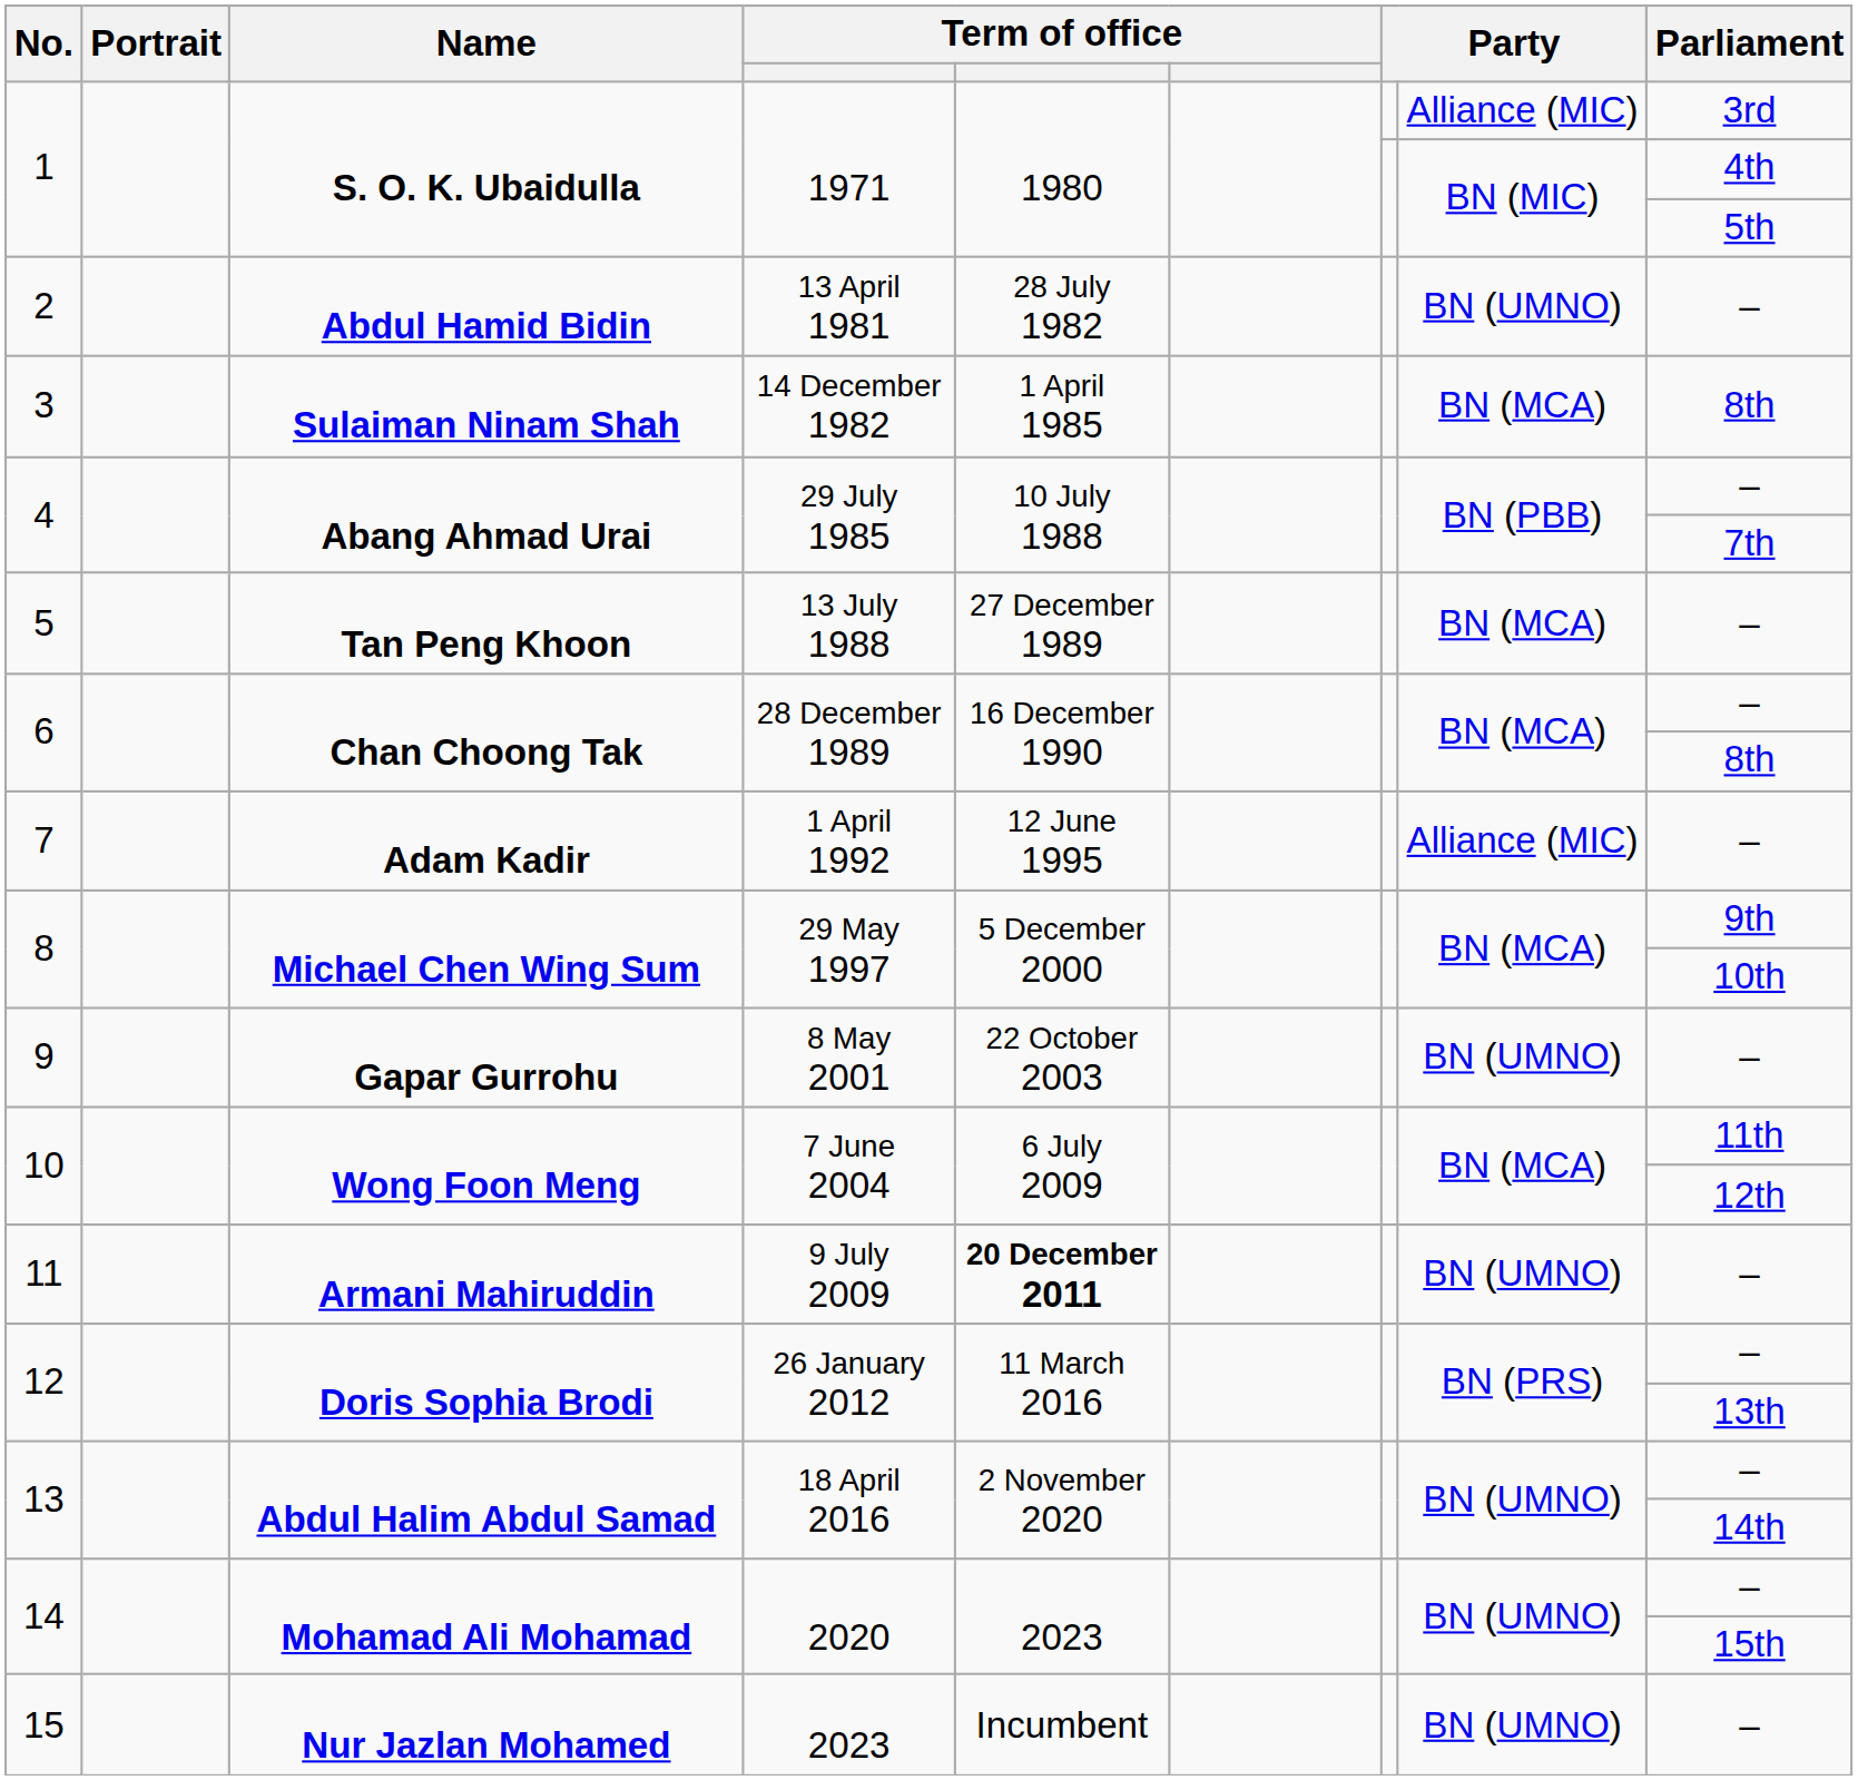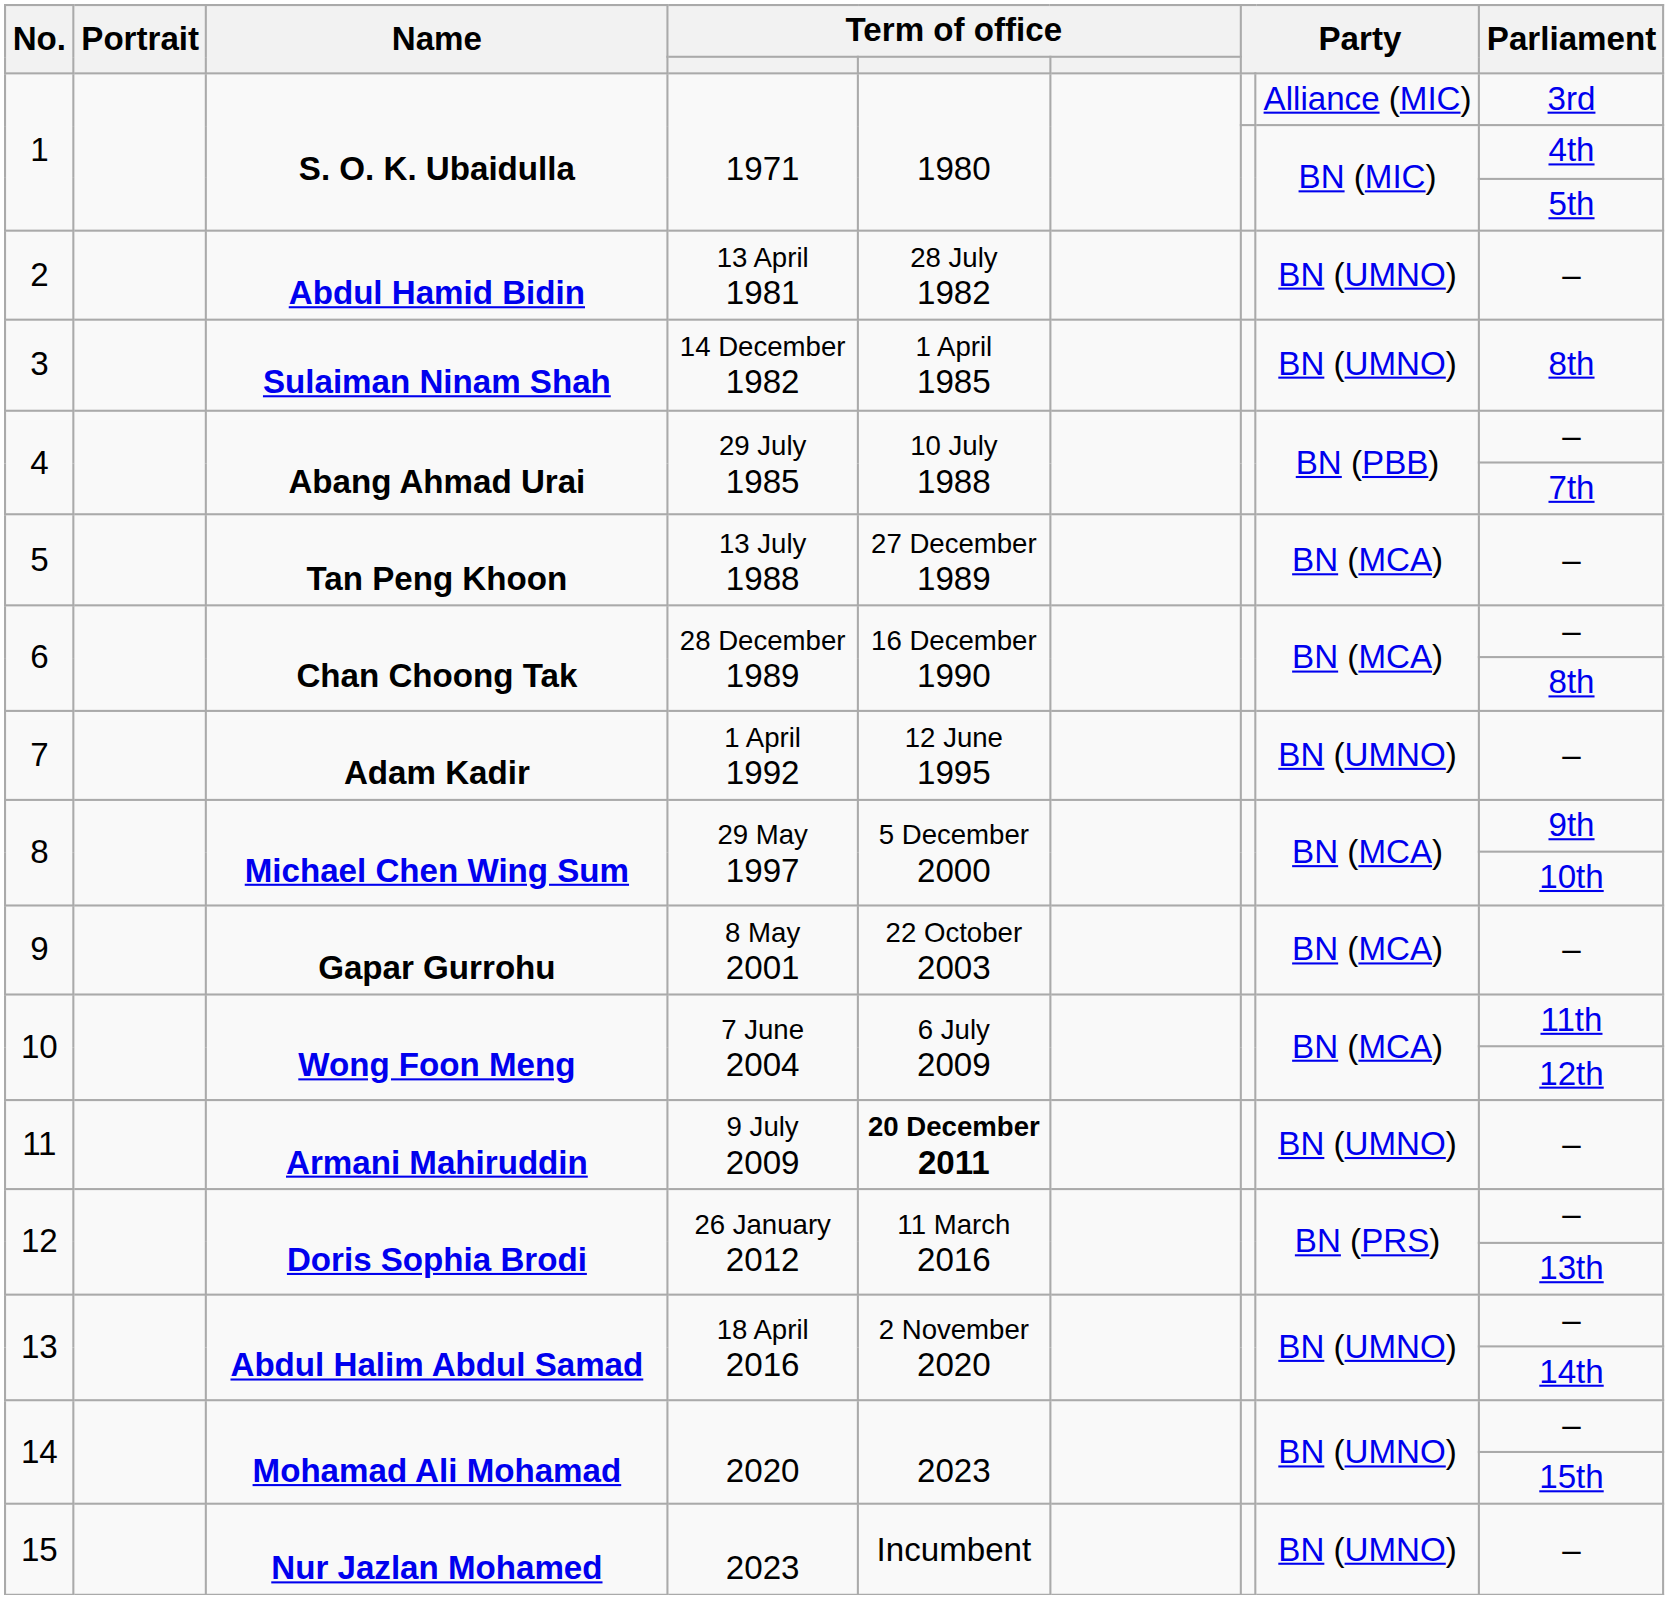 <table class="wikitable" style="text-align:center; border:1px #aaf solid;">
 <tr>
 <th rowspan="2">No.</th>
 <th rowspan="2">Portrait</th>
 <th rowspan="2" width="215">Name<br></th>
 <th colspan="3">Term of office</th>
 <th colspan="2" rowspan="2">Party</th>
 <th rowspan="2">Parliament</th>
 </tr>
 <tr>
 <th width="85"></th>
 <th width="85"></th>
 <th width="85"></th>
 </tr>
 <tr>
 <td rowspan="3">1</td>
 <td rowspan="3"></td>
 <td rowspan="3"><br><strong>S. O. K. Ubaidulla</strong><br></td>
 <td rowspan="3"><br>1971</td>
 <td rowspan="3"><br>1980</td>
 <td rowspan="3"></td>
 <td style="background:"></td>
 <td><a href='#'>Alliance</a> (<a href='#'>MIC</a>)</td>
 <td><a href='#'>3rd</a></td>
 </tr>
 <tr>
 <td rowspan="2" style="background:"></td>
 <td rowspan="2"><a href='#'>BN</a> (<a href='#'>MIC</a>)</td>
 <td><a href='#'>4th</a></td>
 </tr>
 <tr>
 <td><a href='#'>5th</a></td>
 </tr>
 <tr>
 <td>2</td>
 <td></td>
 <td><br><strong><a href='#'>Abdul Hamid Bidin</a></strong><br></td>
 <td><small>13 April</small><br>1981</td>
 <td><small>28 July</small><br>1982</td>
 <td></td>
 <td style="background:"></td>
 <td><a href='#'>BN</a> (<a href='#'>UMNO</a>)</td>
 <td>–</td>
 </tr>
 <tr>
 <td>3</td>
 <td></td>
 <td><br><strong><a href='#'>Sulaiman Ninam Shah</a></strong><br></td>
 <td><small>14 December</small><br>1982</td>
 <td><small>1 April</small><br>1985</td>
 <td></td>
 <td style="background:"></td>
-<td><a href='#'>BN</a> (<a href='#'>MCA</a>)</td>
+<td><a href='#'>BN</a> (<a href='#'>UMNO</a>)</td>
 <td><a href='#'>8th</a></td>
 </tr>
 <tr>
 <td rowspan="2">4</td>
 <td rowspan="2"></td>
 <td rowspan="2"><br><strong>Abang Ahmad Urai</strong><br></td>
 <td rowspan="2"><small>29 July</small><br>1985</td>
 <td rowspan="2"><small>10 July</small><br>1988</td>
 <td rowspan="2"></td>
 <td rowspan="2" style="background:"></td>
 <td rowspan="2"><a href='#'>BN</a> (<a href='#'>PBB</a>)</td>
 <td>–</td>
 </tr>
 <tr>
 <td><a href='#'>7th</a></td>
 </tr>
 <tr>
 <td>5</td>
 <td></td>
 <td><br><strong>Tan Peng Khoon</strong><br></td>
 <td><small>13 July</small><br>1988</td>
 <td><small>27 December</small><br>1989</td>
 <td></td>
 <td style="background:"></td>
 <td><a href='#'>BN</a> (<a href='#'>MCA</a>)</td>
 <td>–</td>
 </tr>
 <tr>
 <td rowspan=2>6</td>
 <td rowspan=2></td>
 <td rowspan=2><br><strong>Chan Choong Tak</strong><br></td>
 <td rowspan=2><small>28 December</small><br>1989</td>
 <td rowspan=2><small>16 December</small><br>1990</td>
 <td rowspan=2></td>
 <td rowspan=2 style="background:"></td>
 <td rowspan=2><a href='#'>BN</a> (<a href='#'>MCA</a>)</td>
 <td>–</td>
 </tr>
 <tr>
 <td><a href='#'>8th</a></td>
 </tr>
 <tr>
 <td>7</td>
 <td></td>
 <td><br><strong>Adam Kadir</strong><br></td>
 <td><small>1 April</small><br>1992</td>
 <td><small>12 June</small><br>1995</td>
 <td></td>
 <td style="background:"></td>
-<td><a href='#'>Alliance</a> (<a href='#'>MIC</a>)</td>
+<td><a href='#'>BN</a> (<a href='#'>UMNO</a>)</td>
 <td>–</td>
 </tr>
 <tr>
 <td rowspan="2">8</td>
 <td rowspan="2"></td>
 <td rowspan="2"><br><strong><a href='#'>Michael Chen Wing Sum</a></strong><br></td>
 <td rowspan="2"><small>29 May</small><br>1997</td>
 <td rowspan="2"><small>5 December</small><br>2000</td>
 <td rowspan="2"></td>
 <td rowspan="2" style="background:"></td>
 <td rowspan="2"><a href='#'>BN</a> (<a href='#'>MCA</a>)</td>
 <td><a href='#'>9th</a></td>
 </tr>
 <tr>
 <td><a href='#'>10th</a></td>
 </tr>
 <tr>
 <td>9</td>
 <td></td>
 <td><br><strong>Gapar Gurrohu</strong><br></td>
 <td><small>8 May</small><br>2001</td>
 <td><small>22 October</small><br>2003</td>
 <td></td>
 <td style="background:"></td>
-<td><a href='#'>BN</a> (<a href='#'>UMNO</a>)</td>
+<td><a href='#'>BN</a> (<a href='#'>MCA</a>)</td>
 <td>–</td>
 </tr>
 <tr>
 <td rowspan="2">10</td>
 <td rowspan="2"></td>
 <td rowspan="2"><br><strong><a href='#'>Wong Foon Meng</a></strong><br></td>
 <td rowspan="2"><small>7 June</small><br>2004</td>
 <td rowspan="2"><small>6 July</small><br>2009</td>
 <td rowspan=2></td>
 <td rowspan="2" style="background:"></td>
 <td rowspan="2"><a href='#'>BN</a> (<a href='#'>MCA</a>)</td>
 <td><a href='#'>11th</a></td>
 </tr>
 <tr>
 <td><a href='#'>12th</a></td>
 </tr>
 <tr>
 <td>11</td>
 <td></td>
 <td><br><strong><a href='#'>Armani Mahiruddin</a></strong><br></td>
 <td><small>9 July</small><br>2009</td>
 <td><strong><small>20 December</small><br>2011</strong></td>
 <td></td>
 <td style="background:"></td>
 <td><a href='#'>BN</a> (<a href='#'>UMNO</a>)</td>
 <td>–</td>
 </tr>
 <tr>
 <td rowspan="2">12</td>
 <td rowspan="2"></td>
 <td rowspan="2"><br><strong><a href='#'>Doris Sophia Brodi</a></strong><br></td>
 <td rowspan="2"><small>26 January</small><br>2012</td>
 <td rowspan="2"><small>11 March</small><br>2016</td>
 <td rowspan="2"></td>
 <td rowspan="2" style="background:"></td>
 <td rowspan="2"><a href='#'>BN</a> (<a href='#'>PRS</a>)</td>
 <td>–</td>
 </tr>
 <tr>
 <td><a href='#'>13th</a></td>
 </tr>
 <tr>
 <td rowspan="2">13</td>
 <td rowspan="2"></td>
 <td rowspan="2"><br><strong><a href='#'>Abdul Halim Abdul Samad</a></strong><br></td>
 <td rowspan="2"><small>18 April</small><br>2016</td>
 <td rowspan="2"><small>2 November</small><br>2020</td>
 <td rowspan="2"></td>
 <td rowspan="2" style="background:"></td>
 <td rowspan="2"><a href='#'>BN</a> (<a href='#'>UMNO</a>)</td>
 <td>–</td>
 </tr>
 <tr>
 <td><a href='#'>14th</a></td>
 </tr>
 <tr>
 <td rowspan=2>14</td>
 <td rowspan=2></td>
 <td rowspan=2><br><strong><a href='#'>Mohamad Ali Mohamad</a></strong><br></td>
 <td rowspan=2><br>2020</td>
 <td rowspan=2><br>2023</td>
 <td rowspan=2></td>
 <td rowspan=2 style="background:"></td>
 <td rowspan=2><a href='#'>BN</a> (<a href='#'>UMNO</a>)</td>
 <td>–</td>
 </tr>
 <tr>
 <td><a href='#'>15th</a></td>
 </tr>
 <tr>
 <td>15</td>
 <td></td>
 <td><br><strong><a href='#'>Nur Jazlan Mohamed</a></strong><br></td>
 <td><br>2023</td>
 <td>Incumbent</td>
 <td></td>
 <td style="background:"></td>
 <td><a href='#'>BN</a> (<a href='#'>UMNO</a>)</td>
 <td>–</td>
 </tr>
 </table>
